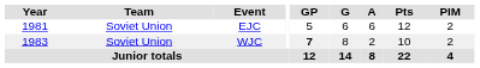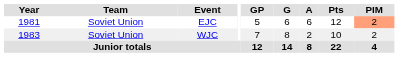 <table border="0" cellpadding="1" cellspacing="0" ID="Table3" style="text-align:center; width:40em">
 <tr bgcolor="#e0e0e0">
 <th>Year</th>
 <th>Team</th>
 <th>Event</th>
 <th rowspan="102" bgcolor="#ffffff"></th>
 <th>GP</th>
 <th>G</th>
 <th>A</th>
 <th>Pts</th>
 <th>PIM</th>
 </tr>
 <tr>
 <td><a href='#'>1981</a></td>
 <td><a href='#'>Soviet Union</a></td>
 <td><a href='#'>EJC</a></td>
 <td>5</td>
 <td>6</td>
 <td>6</td>
 <td>12</td>
-<td>2</td>
+<td style="background: lightsalmon;">2</td>
 </tr>
 <tr bgcolor="#f0f0f0">
 <td><a href='#'>1983</a></td>
 <td><a href='#'>Soviet Union</a></td>
 <td><a href='#'>WJC</a></td>
-<td><strong>7</strong></td>
+<td>7</td>
 <td>8</td>
 <td>2</td>
 <td>10</td>
 <td>2</td>
 </tr>
 <tr bgcolor="#e0e0e0">
 <th colspan="4">Junior totals</th>
 <th>12</th>
 <th>14</th>
 <th>8</th>
 <th>22</th>
 <th>4</th>
 </tr>
 </table>
